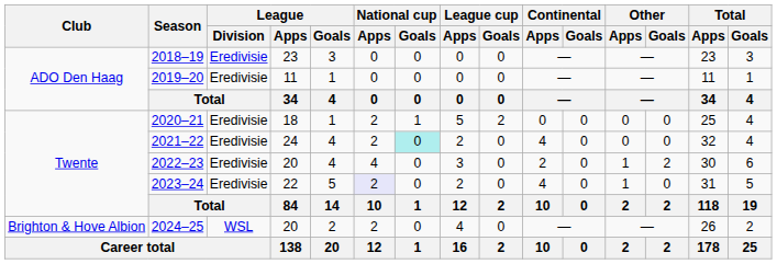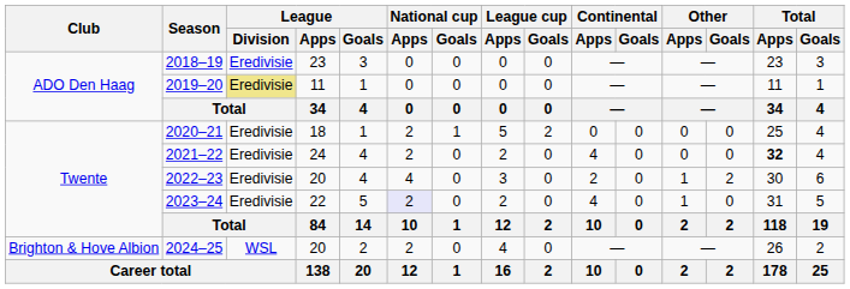 <table class="wikitable" style="text-align: center;">
 <tr>
 <th rowspan="2">Club</th>
 <th rowspan="2">Season</th>
 <th colspan="3">League</th>
 <th colspan="2">National cup</th>
 <th colspan="2">League cup</th>
 <th colspan="2">Continental</th>
 <th colspan="2">Other</th>
 <th colspan="2">Total</th>
 </tr>
 <tr>
 <th>Division</th>
 <th>Apps</th>
 <th>Goals</th>
 <th>Apps</th>
 <th>Goals</th>
 <th>Apps</th>
 <th>Goals</th>
 <th>Apps</th>
 <th>Goals</th>
 <th>Apps</th>
 <th>Goals</th>
 <th>Apps</th>
 <th>Goals</th>
 </tr>
 <tr>
 <td rowspan=3><a href='#'>ADO Den Haag</a></td>
 <td><a href='#'>2018–19</a></td>
 <td><a href='#'>Eredivisie</a></td>
 <td>23</td>
 <td>3</td>
 <td>0</td>
 <td>0</td>
 <td>0</td>
 <td>0</td>
 <td colspan="2">—</td>
 <td colspan="2">—</td>
 <td>23</td>
 <td>3</td>
 </tr>
 <tr>
 <td><a href='#'>2019–20</a></td>
-<td>Eredivisie</td>
+<td style="background: khaki;">Eredivisie</td>
 <td>11</td>
 <td>1</td>
 <td>0</td>
 <td>0</td>
 <td>0</td>
 <td>0</td>
 <td colspan="2">—</td>
 <td colspan="2">—</td>
 <td>11</td>
 <td>1</td>
 </tr>
 <tr>
 <th colspan="2">Total</th>
 <th>34</th>
 <th>4</th>
 <th>0</th>
 <th>0</th>
 <th>0</th>
 <th>0</th>
 <th colspan="2">—</th>
 <th colspan="2">—</th>
 <th>34</th>
 <th>4</th>
 </tr>
 <tr>
 <td rowspan=5><a href='#'>Twente</a></td>
 <td><a href='#'>2020–21</a></td>
 <td>Eredivisie</td>
 <td>18</td>
 <td>1</td>
 <td>2</td>
 <td>1</td>
 <td>5</td>
 <td>2</td>
 <td>0</td>
 <td>0</td>
 <td>0</td>
 <td>0</td>
 <td>25</td>
 <td>4</td>
 </tr>
 <tr>
 <td><a href='#'>2021–22</a></td>
 <td>Eredivisie</td>
 <td>24</td>
 <td>4</td>
 <td>2</td>
-<td style="background: paleturquoise;">0</td>
+<td>0</td>
 <td>2</td>
 <td>0</td>
 <td>4</td>
 <td>0</td>
 <td>0</td>
 <td>0</td>
-<td>32</td>
+<td><strong>32</strong></td>
 <td>4</td>
 </tr>
 <tr>
 <td><a href='#'>2022–23</a></td>
 <td>Eredivisie</td>
 <td>20</td>
 <td>4</td>
 <td>4</td>
 <td>0</td>
 <td>3</td>
 <td>0</td>
 <td>2</td>
 <td>0</td>
 <td>1</td>
 <td>2</td>
 <td>30</td>
 <td>6</td>
 </tr>
 <tr>
 <td><a href='#'>2023–24</a></td>
 <td>Eredivisie</td>
 <td>22</td>
 <td>5</td>
 <td style="background: lavender;">2</td>
 <td>0</td>
 <td>2</td>
 <td>0</td>
 <td>4</td>
 <td>0</td>
 <td>1</td>
 <td>0</td>
 <td>31</td>
 <td>5</td>
 </tr>
 <tr>
 <th colspan="2">Total</th>
 <th>84</th>
 <th>14</th>
 <th>10</th>
 <th>1</th>
 <th>12</th>
 <th>2</th>
 <th>10</th>
 <th>0</th>
 <th>2</th>
 <th>2</th>
 <th>118</th>
 <th>19</th>
 </tr>
 <tr>
 <td><a href='#'>Brighton & Hove Albion</a></td>
 <td><a href='#'>2024–25</a></td>
 <td><a href='#'>WSL</a></td>
 <td>20</td>
 <td>2</td>
 <td>2</td>
 <td>0</td>
 <td>4</td>
 <td>0</td>
 <td colspan="2">—</td>
 <td colspan="2">—</td>
 <td>26</td>
 <td>2</td>
 </tr>
 <tr>
 <th colspan="3">Career total</th>
 <th>138</th>
 <th>20</th>
 <th>12</th>
 <th>1</th>
 <th>16</th>
 <th>2</th>
 <th>10</th>
 <th>0</th>
 <th>2</th>
 <th>2</th>
 <th>178</th>
 <th>25</th>
 </tr>
 </table>
